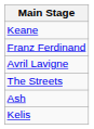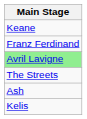 <table Class="wikitable">
 <tr>
 <th>Main Stage</th>
 </tr>
 <tr>
 <td><a href='#'>Keane</a></td>
 </tr>
 <tr>
 <td><a href='#'>Franz Ferdinand</a></td>
 </tr>
 <tr>
-<td><a href='#'>Avril Lavigne</a></td>
+<td style="background: lightgreen;"><a href='#'>Avril Lavigne</a></td>
 </tr>
 <tr>
 <td><a href='#'>The Streets</a></td>
 </tr>
 <tr>
 <td><a href='#'>Ash</a></td>
 </tr>
 <tr>
 <td><a href='#'>Kelis</a></td>
 </tr>
 </table>
